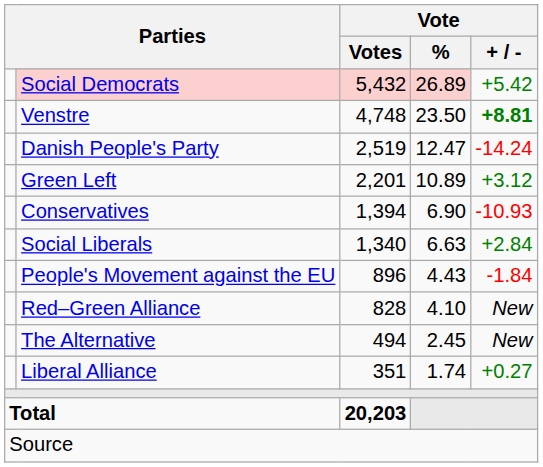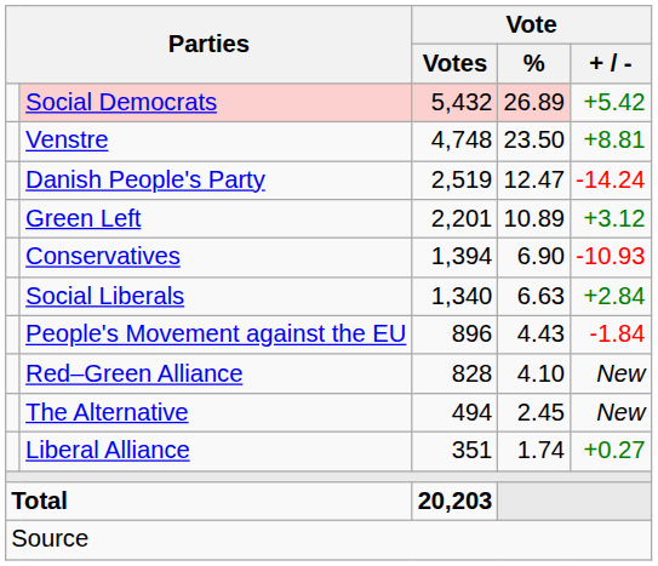 <table class="wikitable" style="text-align:right;">
 <tr>
 <th style="text-align:centre;" rowspan="2" colspan="2" width="225">Parties</th>
 <th colspan="3">Vote</th>
 </tr>
 <tr>
 <th width="15">Votes</th>
 <th width="15">%</th>
 <th width="15">+ / -</th>
 </tr>
 <tr>
 <td width="2" style="color:inherit;background:"></td>
 <td bgcolor=#fbd0ce   align="left"><a href='#'>Social Democrats</a></td>
 <td bgcolor=#fbd0ce>5,432</td>
 <td bgcolor=#fbd0ce>26.89</td>
 <td style=color:green;>+5.42</td>
 </tr>
 <tr>
 <td width="2" style="color:inherit;background:"></td>
 <td align="left"><a href='#'>Venstre</a></td>
 <td>4,748</td>
 <td>23.50</td>
-<td style=color:green;><strong>+8.81</strong></td>
+<td style=color:green;>+8.81</td>
 </tr>
 <tr>
 <td width="2" style="color:inherit;background:"></td>
 <td align="left"><a href='#'>Danish People's Party</a></td>
 <td>2,519</td>
 <td>12.47</td>
 <td style=color:red;>-14.24</td>
 </tr>
 <tr>
 <td width="2" style="color:inherit;background:"></td>
 <td align="left"><a href='#'>Green Left</a></td>
 <td>2,201</td>
 <td>10.89</td>
 <td style=color:green;>+3.12</td>
 </tr>
 <tr>
 <td width="2" style="color:inherit;background:"></td>
 <td align="left"><a href='#'>Conservatives</a></td>
 <td>1,394</td>
 <td>6.90</td>
 <td style=color:red;>-10.93</td>
 </tr>
 <tr>
 <td width="2" style="color:inherit;background:"></td>
 <td align="left"><a href='#'>Social Liberals</a></td>
 <td>1,340</td>
 <td>6.63</td>
 <td style=color:green;>+2.84</td>
 </tr>
 <tr>
 <td width="2" style="color:inherit;background:"></td>
 <td align="left"><a href='#'>People's Movement against the EU</a></td>
 <td>896</td>
 <td>4.43</td>
 <td style=color:red;>-1.84</td>
 </tr>
 <tr>
 <td width="2" style="color:inherit;background:"></td>
 <td align="left"><a href='#'>Red–Green Alliance</a></td>
 <td>828</td>
 <td>4.10</td>
 <td><em>New</em></td>
 </tr>
 <tr>
 <td width="2" style="color:inherit;background:"></td>
 <td align="left"><a href='#'>The Alternative</a></td>
 <td>494</td>
 <td>2.45</td>
 <td><em>New</em></td>
 </tr>
 <tr>
 <td width="2" style="color:inherit;background:"></td>
 <td align="left"><a href='#'>Liberal Alliance</a></td>
 <td>351</td>
 <td>1.74</td>
 <td style=color:green;>+0.27</td>
 </tr>
 <tr>
 <td colspan="7" bgcolor="#E9E9E9"></td>
 </tr>
 <tr>
 <td align="left" colspan="2"><strong>Total</strong></td>
 <td><strong>20,203</strong></td>
 <td bgcolor="#E9E9E9" colspan="2"></td>
 </tr>
 <tr>
 <td align="left" colspan="6">Source</td>
 </tr>
 </table>
